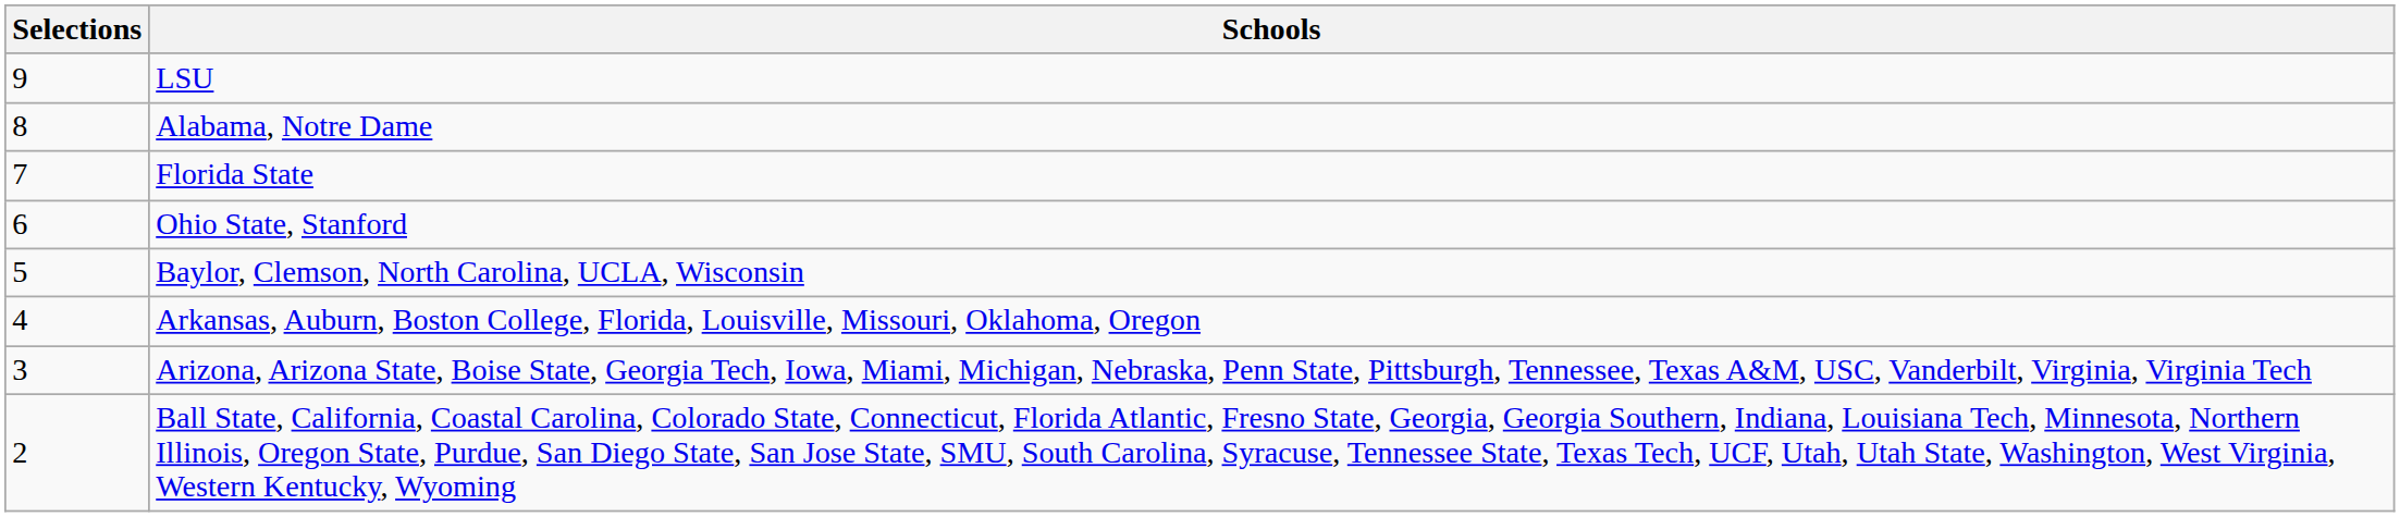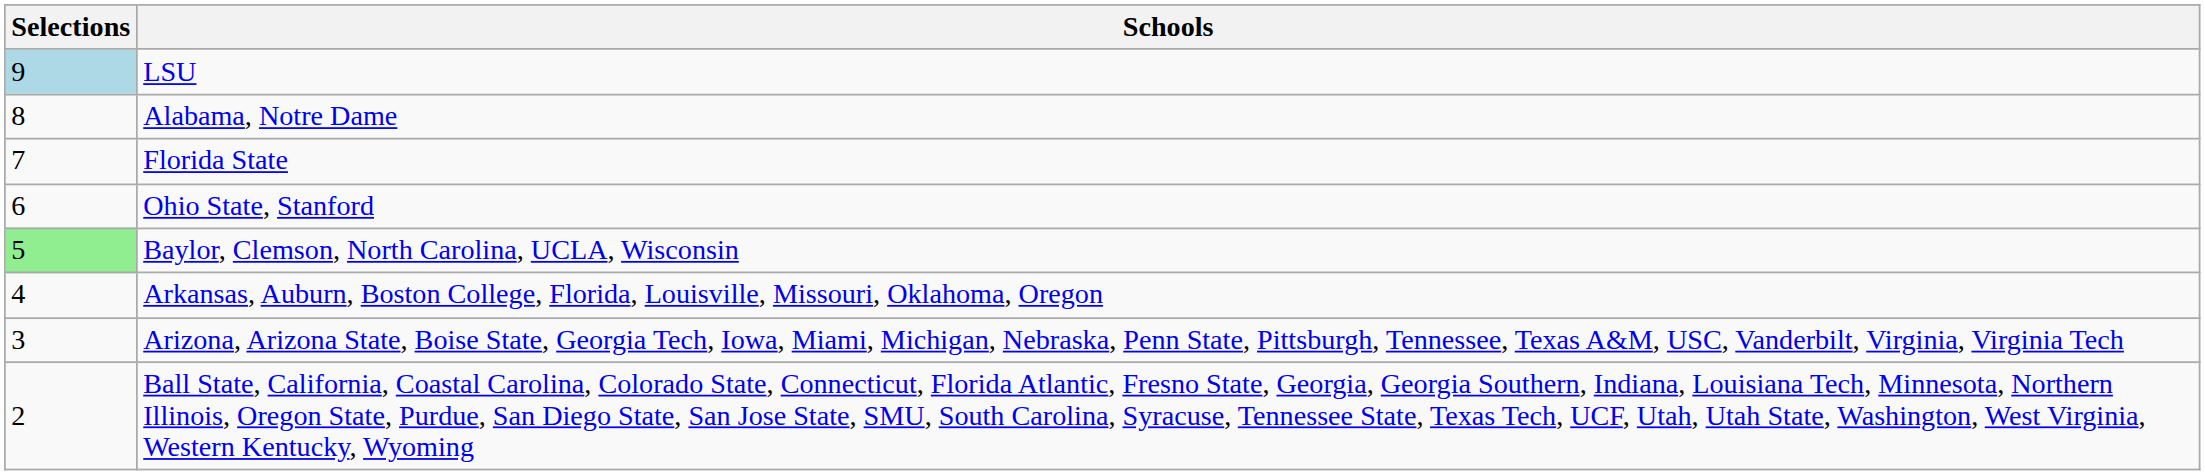 <table class="wikitable sortable" style="text-align:left">
 <tr>
 <th>Selections</th>
 <th class="unsortable">Schools</th>
 </tr>
 <tr>
-<td>9</td>
+<td style="background: lightblue;">9</td>
 <td><a href='#'>LSU</a></td>
 </tr>
 <tr>
 <td>8</td>
 <td><a href='#'>Alabama</a>, <a href='#'>Notre Dame</a></td>
 </tr>
 <tr>
 <td>7</td>
 <td><a href='#'>Florida State</a></td>
 </tr>
 <tr>
 <td>6</td>
 <td><a href='#'>Ohio State</a>, <a href='#'>Stanford</a></td>
 </tr>
 <tr>
-<td>5</td>
+<td style="background: lightgreen;">5</td>
 <td><a href='#'>Baylor</a>, <a href='#'>Clemson</a>, <a href='#'>North Carolina</a>, <a href='#'>UCLA</a>, <a href='#'>Wisconsin</a></td>
 </tr>
 <tr>
 <td>4</td>
 <td><a href='#'>Arkansas</a>, <a href='#'>Auburn</a>, <a href='#'>Boston College</a>, <a href='#'>Florida</a>, <a href='#'>Louisville</a>, <a href='#'>Missouri</a>, <a href='#'>Oklahoma</a>, <a href='#'>Oregon</a></td>
 </tr>
 <tr>
 <td>3</td>
 <td><a href='#'>Arizona</a>, <a href='#'>Arizona State</a>, <a href='#'>Boise State</a>, <a href='#'>Georgia Tech</a>, <a href='#'>Iowa</a>, <a href='#'>Miami</a>, <a href='#'>Michigan</a>, <a href='#'>Nebraska</a>, <a href='#'>Penn State</a>, <a href='#'>Pittsburgh</a>, <a href='#'>Tennessee</a>, <a href='#'>Texas A&M</a>, <a href='#'>USC</a>, <a href='#'>Vanderbilt</a>, <a href='#'>Virginia</a>, <a href='#'>Virginia Tech</a></td>
 </tr>
 <tr>
 <td>2</td>
 <td><a href='#'>Ball State</a>, <a href='#'>California</a>, <a href='#'>Coastal Carolina</a>, <a href='#'>Colorado State</a>, <a href='#'>Connecticut</a>, <a href='#'>Florida Atlantic</a>, <a href='#'>Fresno State</a>, <a href='#'>Georgia</a>, <a href='#'>Georgia Southern</a>, <a href='#'>Indiana</a>, <a href='#'>Louisiana Tech</a>, <a href='#'>Minnesota</a>, <a href='#'>Northern Illinois</a>, <a href='#'>Oregon State</a>, <a href='#'>Purdue</a>, <a href='#'>San Diego State</a>, <a href='#'>San Jose State</a>, <a href='#'>SMU</a>, <a href='#'>South Carolina</a>, <a href='#'>Syracuse</a>, <a href='#'>Tennessee State</a>, <a href='#'>Texas Tech</a>, <a href='#'>UCF</a>, <a href='#'>Utah</a>, <a href='#'>Utah State</a>, <a href='#'>Washington</a>, <a href='#'>West Virginia</a>, <a href='#'>Western Kentucky</a>, <a href='#'>Wyoming</a></td>
 </tr>
 </table>
